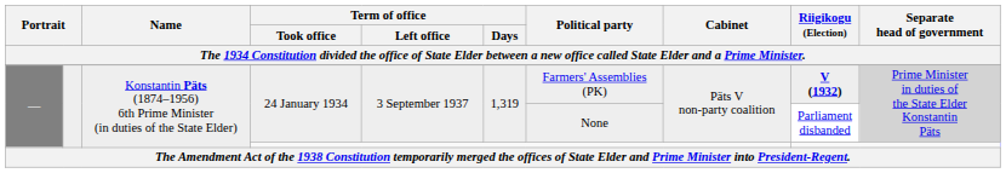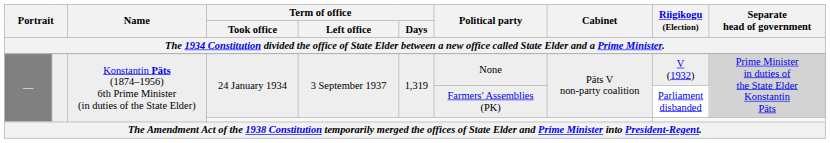 <table class="wikitable" style="text-align:center; width:100%; border:1px #AAAAFF solid">
 <tr>
 <th width=70 colspan=2 rowspan=2>Portrait</th>
 <th width=17% rowspan=2>Name</th>
 <th width=200 colspan=3>Term of office</th>
 <th rowspan=2>Political party</th>
 <th rowspan=2>Cabinet</th>
 <th width=80 rowspan=2><a href='#'>Riigikogu</a><br><small>(Election)</small></th>
 <th rowspan=2>Separate<br>head of government</th>
 </tr>
 <tr>
 <th>Took office</th>
 <th>Left office</th>
 <th>Days</th>
 </tr>
 <tr>
 <th colspan=10><em>The <a href='#'>1934 Constitution</a> divided the office of State Elder between a new office called State Elder and a <a href='#'>Prime Minister</a>.</em></th>
 </tr>
 <tr>
 </tr>
 <tr bgcolor=#EEEEEE>
 <th rowspan=3 style="background:gray; color:white">—</th>
 <td rowspan=3></td>
 <td rowspan=3><a href='#'>Konstantin <strong>Päts</strong></a><br>(1874–1956)<br>6th Prime Minister<br>(in duties of the State Elder)</td>
 <td rowspan=2>24 January 1934</td>
 <td rowspan=2>3 September 1937</td>
 <td rowspan=2>1,319</td>
-<td><a href='#'>Farmers' Assemblies</a><br>(PK)<br></td>
+<td>None<br></td>
 <td rowspan=2>Päts V<br>non-party coalition<br></td>
-<td><strong><a href='#'>V</a><br>(<a href='#'>1932</a>)</strong></td>
+<td><a href='#'>V</a><br>(<a href='#'>1932</a>)</td>
 <td rowspan=2 bgcolor=#D3D3D3><a href='#'>Prime Minister<br>in duties of<br>the State Elder</a><br><a href='#'>Konstantin<br>Päts</a></td>
 </tr>
 <tr bgcolor=#EEEEEE>
-<td>None<br></td>
+<td><a href='#'>Farmers' Assemblies</a><br>(PK)<br></td>
 <td bgcolor=white><a href='#'>Parliament<br>disbanded</a><br></td>
 </tr>
 <tr>
 <td colspan="5" style="text-align:left;"></td>
 </tr>
 <tr>
 <th colspan=10><em>The Amendment Act of the <a href='#'>1938 Constitution</a> temporarily merged the offices of State Elder and <a href='#'>Prime Minister</a> into <a href='#'>President-Regent</a>.</em></th>
 </tr>
 </table>
